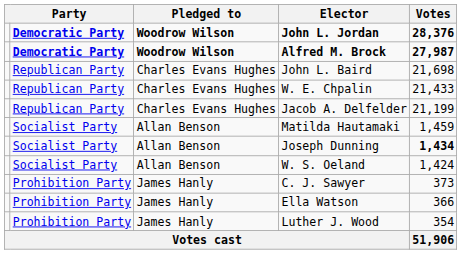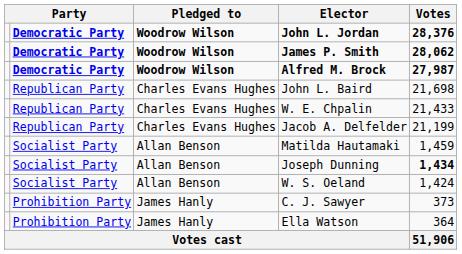 <table class="wikitable">
 <tr>
 <th colspan=2>Party</th>
 <th>Pledged to</th>
 <th>Elector</th>
 <th>Votes</th>
 </tr>
 <tr style="font-weight:bold">
 <td></td>
 <td><a href='#'>Democratic Party</a></td>
 <td>Woodrow Wilson</td>
 <td>John L. Jordan</td>
 <td align="right">28,376</td>
+</tr>
+<tr style="font-weight:bold">
+<td></td>
+<td><a href='#'>Democratic Party</a></td>
+<td>Woodrow Wilson</td>
+<td>James P. Smith</td>
+<td align="right">28,062</td>
 </tr>
 <tr style="font-weight:bold">
 <td></td>
 <td><a href='#'>Democratic Party</a></td>
 <td>Woodrow Wilson</td>
 <td>Alfred M. Brock</td>
 <td align="right">27,987</td>
 </tr>
 <tr>
 <td></td>
 <td><a href='#'>Republican Party</a></td>
 <td>Charles Evans Hughes</td>
 <td>John L. Baird</td>
 <td align="right">21,698</td>
 </tr>
 <tr>
 <td></td>
 <td><a href='#'>Republican Party</a></td>
 <td>Charles Evans Hughes</td>
 <td>W. E. Chpalin</td>
 <td align="right">21,433</td>
 </tr>
 <tr>
 <td></td>
 <td><a href='#'>Republican Party</a></td>
 <td>Charles Evans Hughes</td>
 <td>Jacob A. Delfelder</td>
 <td align="right">21,199</td>
 </tr>
 <tr>
 <td></td>
 <td><a href='#'>Socialist Party</a></td>
 <td>Allan Benson</td>
 <td>Matilda Hautamaki</td>
 <td align="right">1,459</td>
 </tr>
 <tr>
 <td></td>
 <td><a href='#'>Socialist Party</a></td>
 <td>Allan Benson</td>
 <td>Joseph Dunning</td>
 <td align="right"><strong>1,434</strong></td>
 </tr>
 <tr>
 <td></td>
 <td><a href='#'>Socialist Party</a></td>
 <td>Allan Benson</td>
 <td>W. S. Oeland</td>
 <td align="right">1,424</td>
 </tr>
 <tr>
 <td></td>
 <td><a href='#'>Prohibition Party</a></td>
 <td>James Hanly</td>
 <td>C. J. Sawyer</td>
 <td align="right">373</td>
 </tr>
 <tr>
 <td></td>
 <td><a href='#'>Prohibition Party</a></td>
 <td>James Hanly</td>
 <td>Ella Watson</td>
-<td align="right">366</td>
-</tr>
-<tr>
-<td></td>
-<td><a href='#'>Prohibition Party</a></td>
-<td>James Hanly</td>
-<td>Luther J. Wood</td>
-<td align="right">354</td>
+<td align="right">364</td>
 </tr>
 <tr>
 <th colspan="4">Votes cast</th>
 <th>51,906</th>
 </tr>
 </table>
